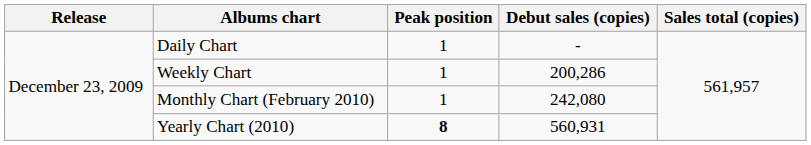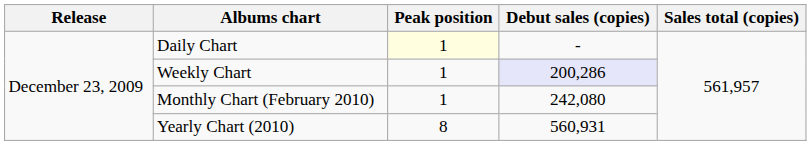 <table class="wikitable" style="width:750px;">
 <tr>
 <th>Release</th>
 <th>Albums chart</th>
 <th>Peak position</th>
 <th>Debut sales (copies)</th>
 <th>Sales total (copies)</th>
 </tr>
 <tr>
 <td rowspan="4">December 23, 2009</td>
 <td>Daily Chart</td>
-<td style="text-align:center;">1</td>
+<td style="background: lightyellow; text-align:center;">1</td>
 <td style="text-align:center;">-</td>
 <td rowspan="4" style="text-align:center;">561,957</td>
 </tr>
 <tr>
 <td>Weekly Chart</td>
 <td style="text-align:center;">1</td>
-<td style="text-align:center;">200,286</td>
+<td style="background: lavender; text-align:center;">200,286</td>
 </tr>
 <tr>
 <td>Monthly Chart (February 2010)</td>
 <td style="text-align:center;">1</td>
 <td style="text-align:center;">242,080</td>
 </tr>
 <tr>
 <td>Yearly Chart (2010)</td>
-<td style="text-align:center;"><strong>8</strong></td>
+<td style="text-align:center;">8</td>
 <td style="text-align:center;">560,931</td>
 </tr>
 </table>
